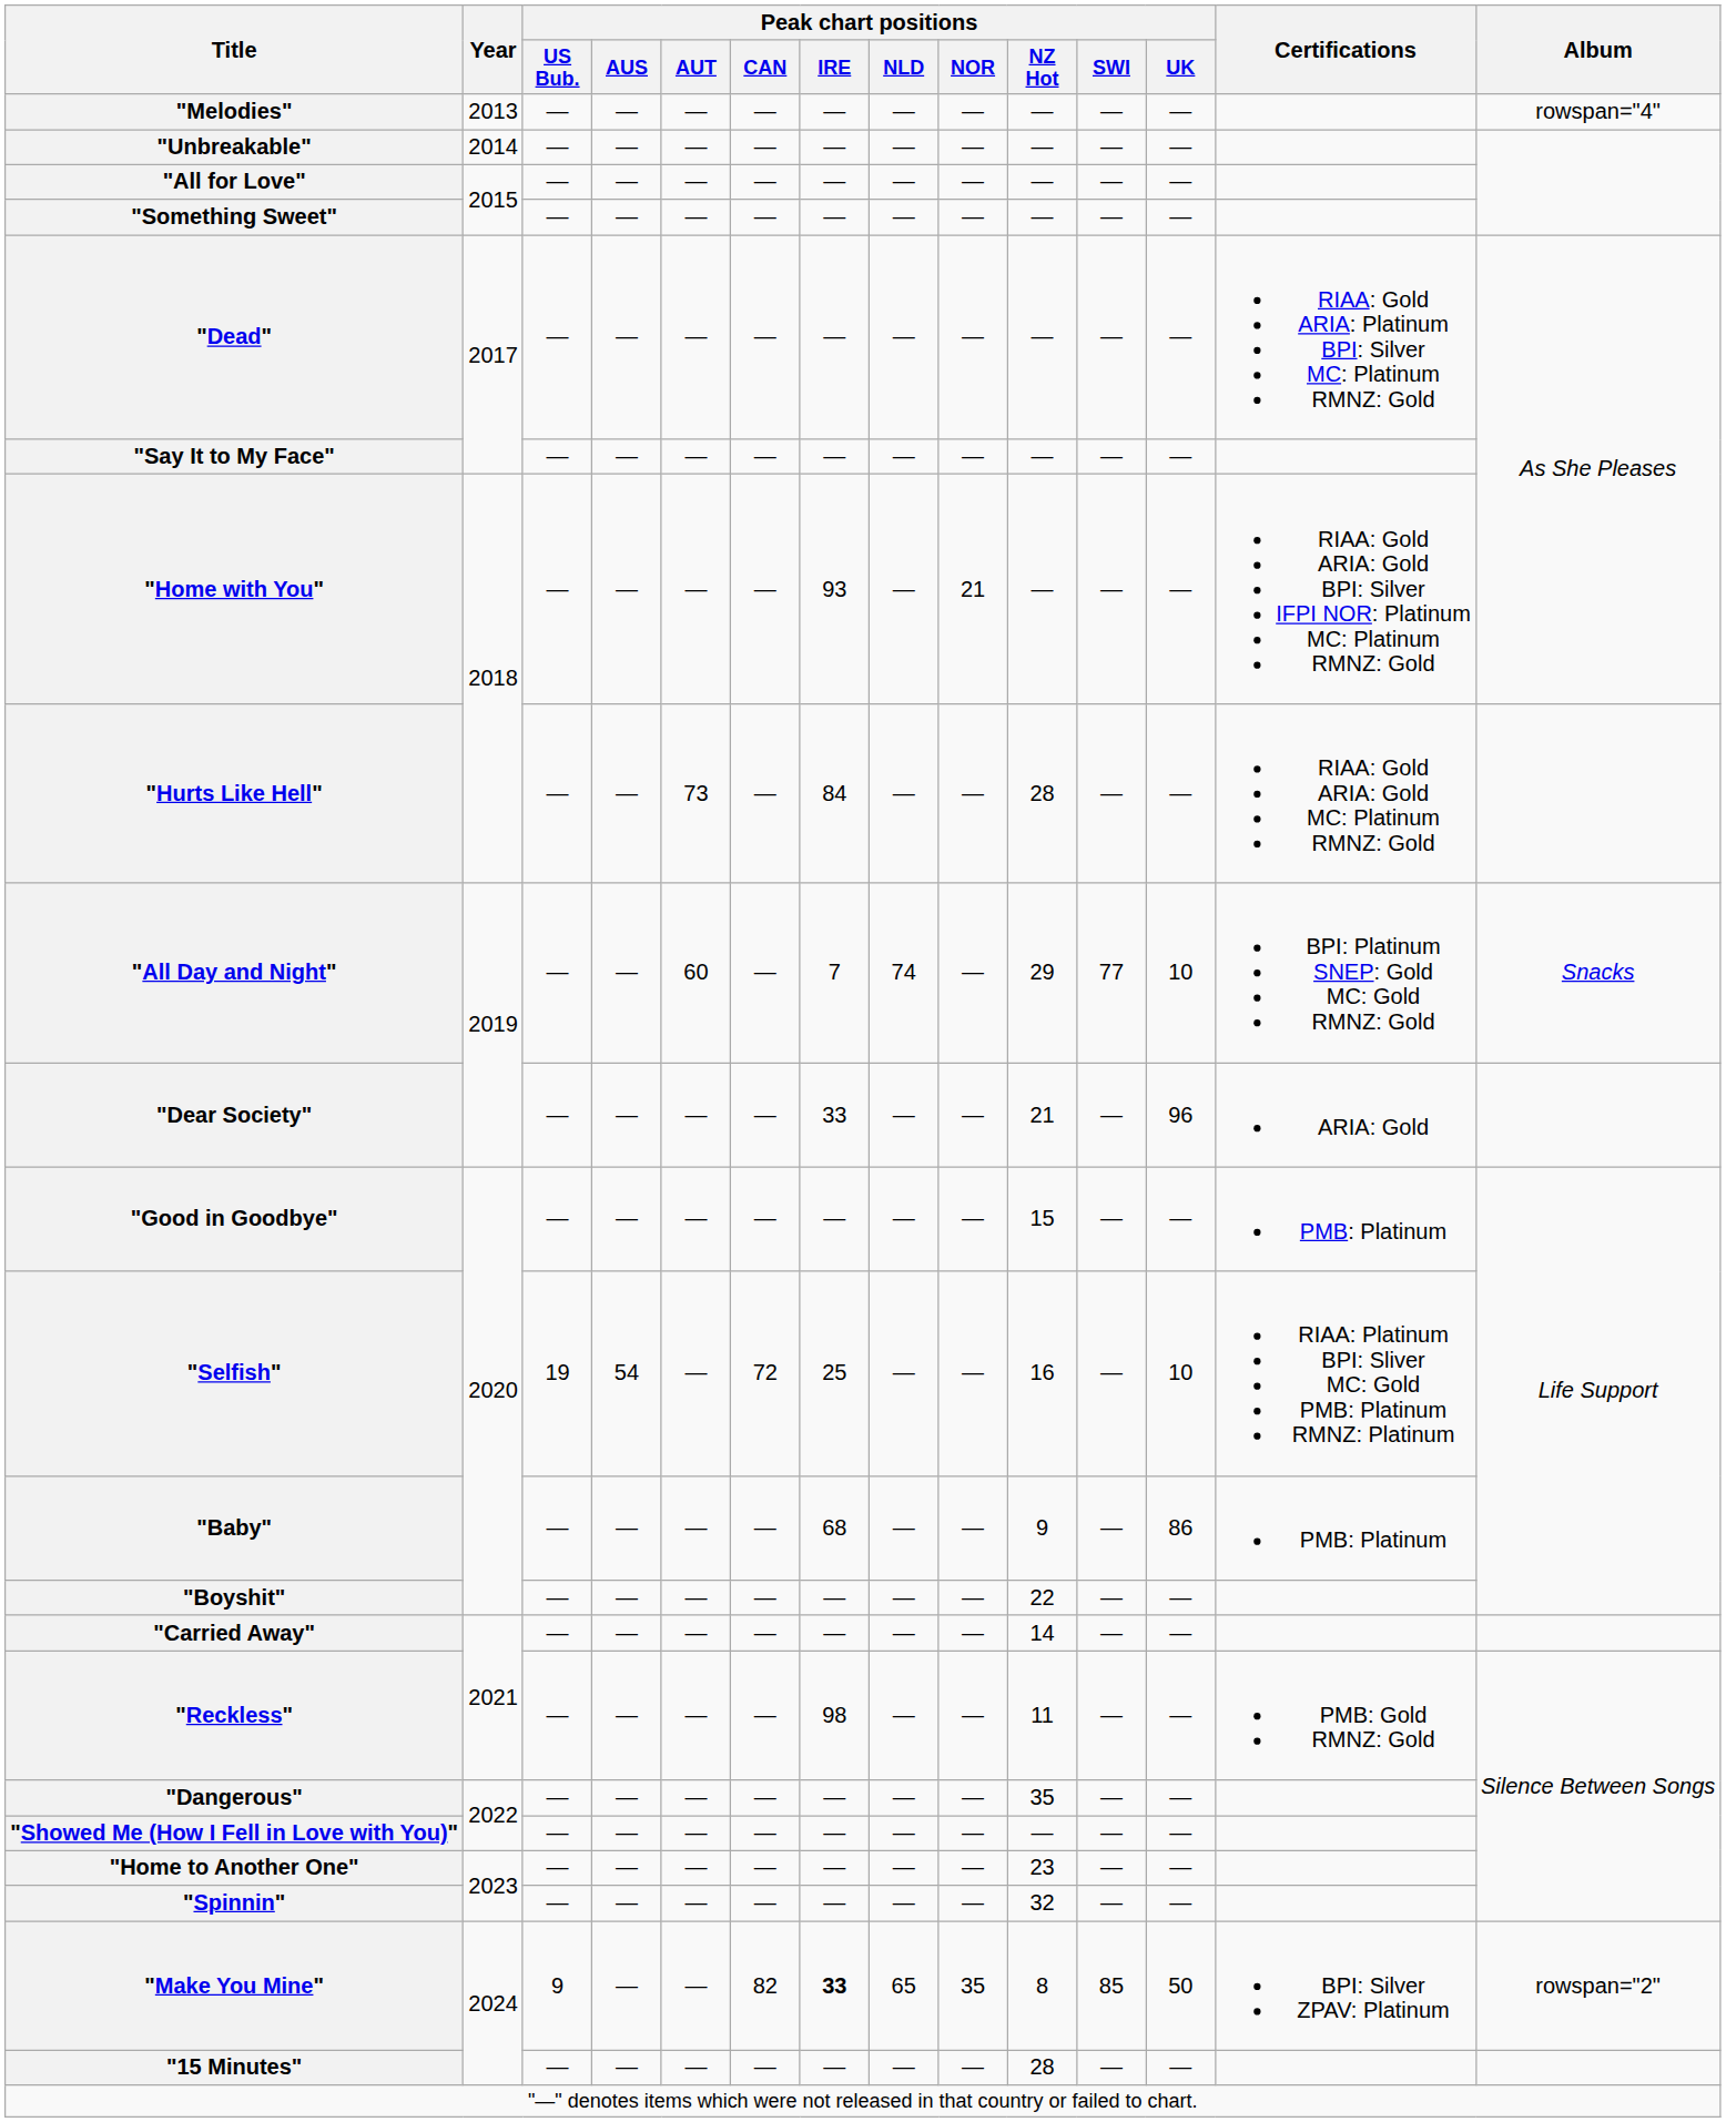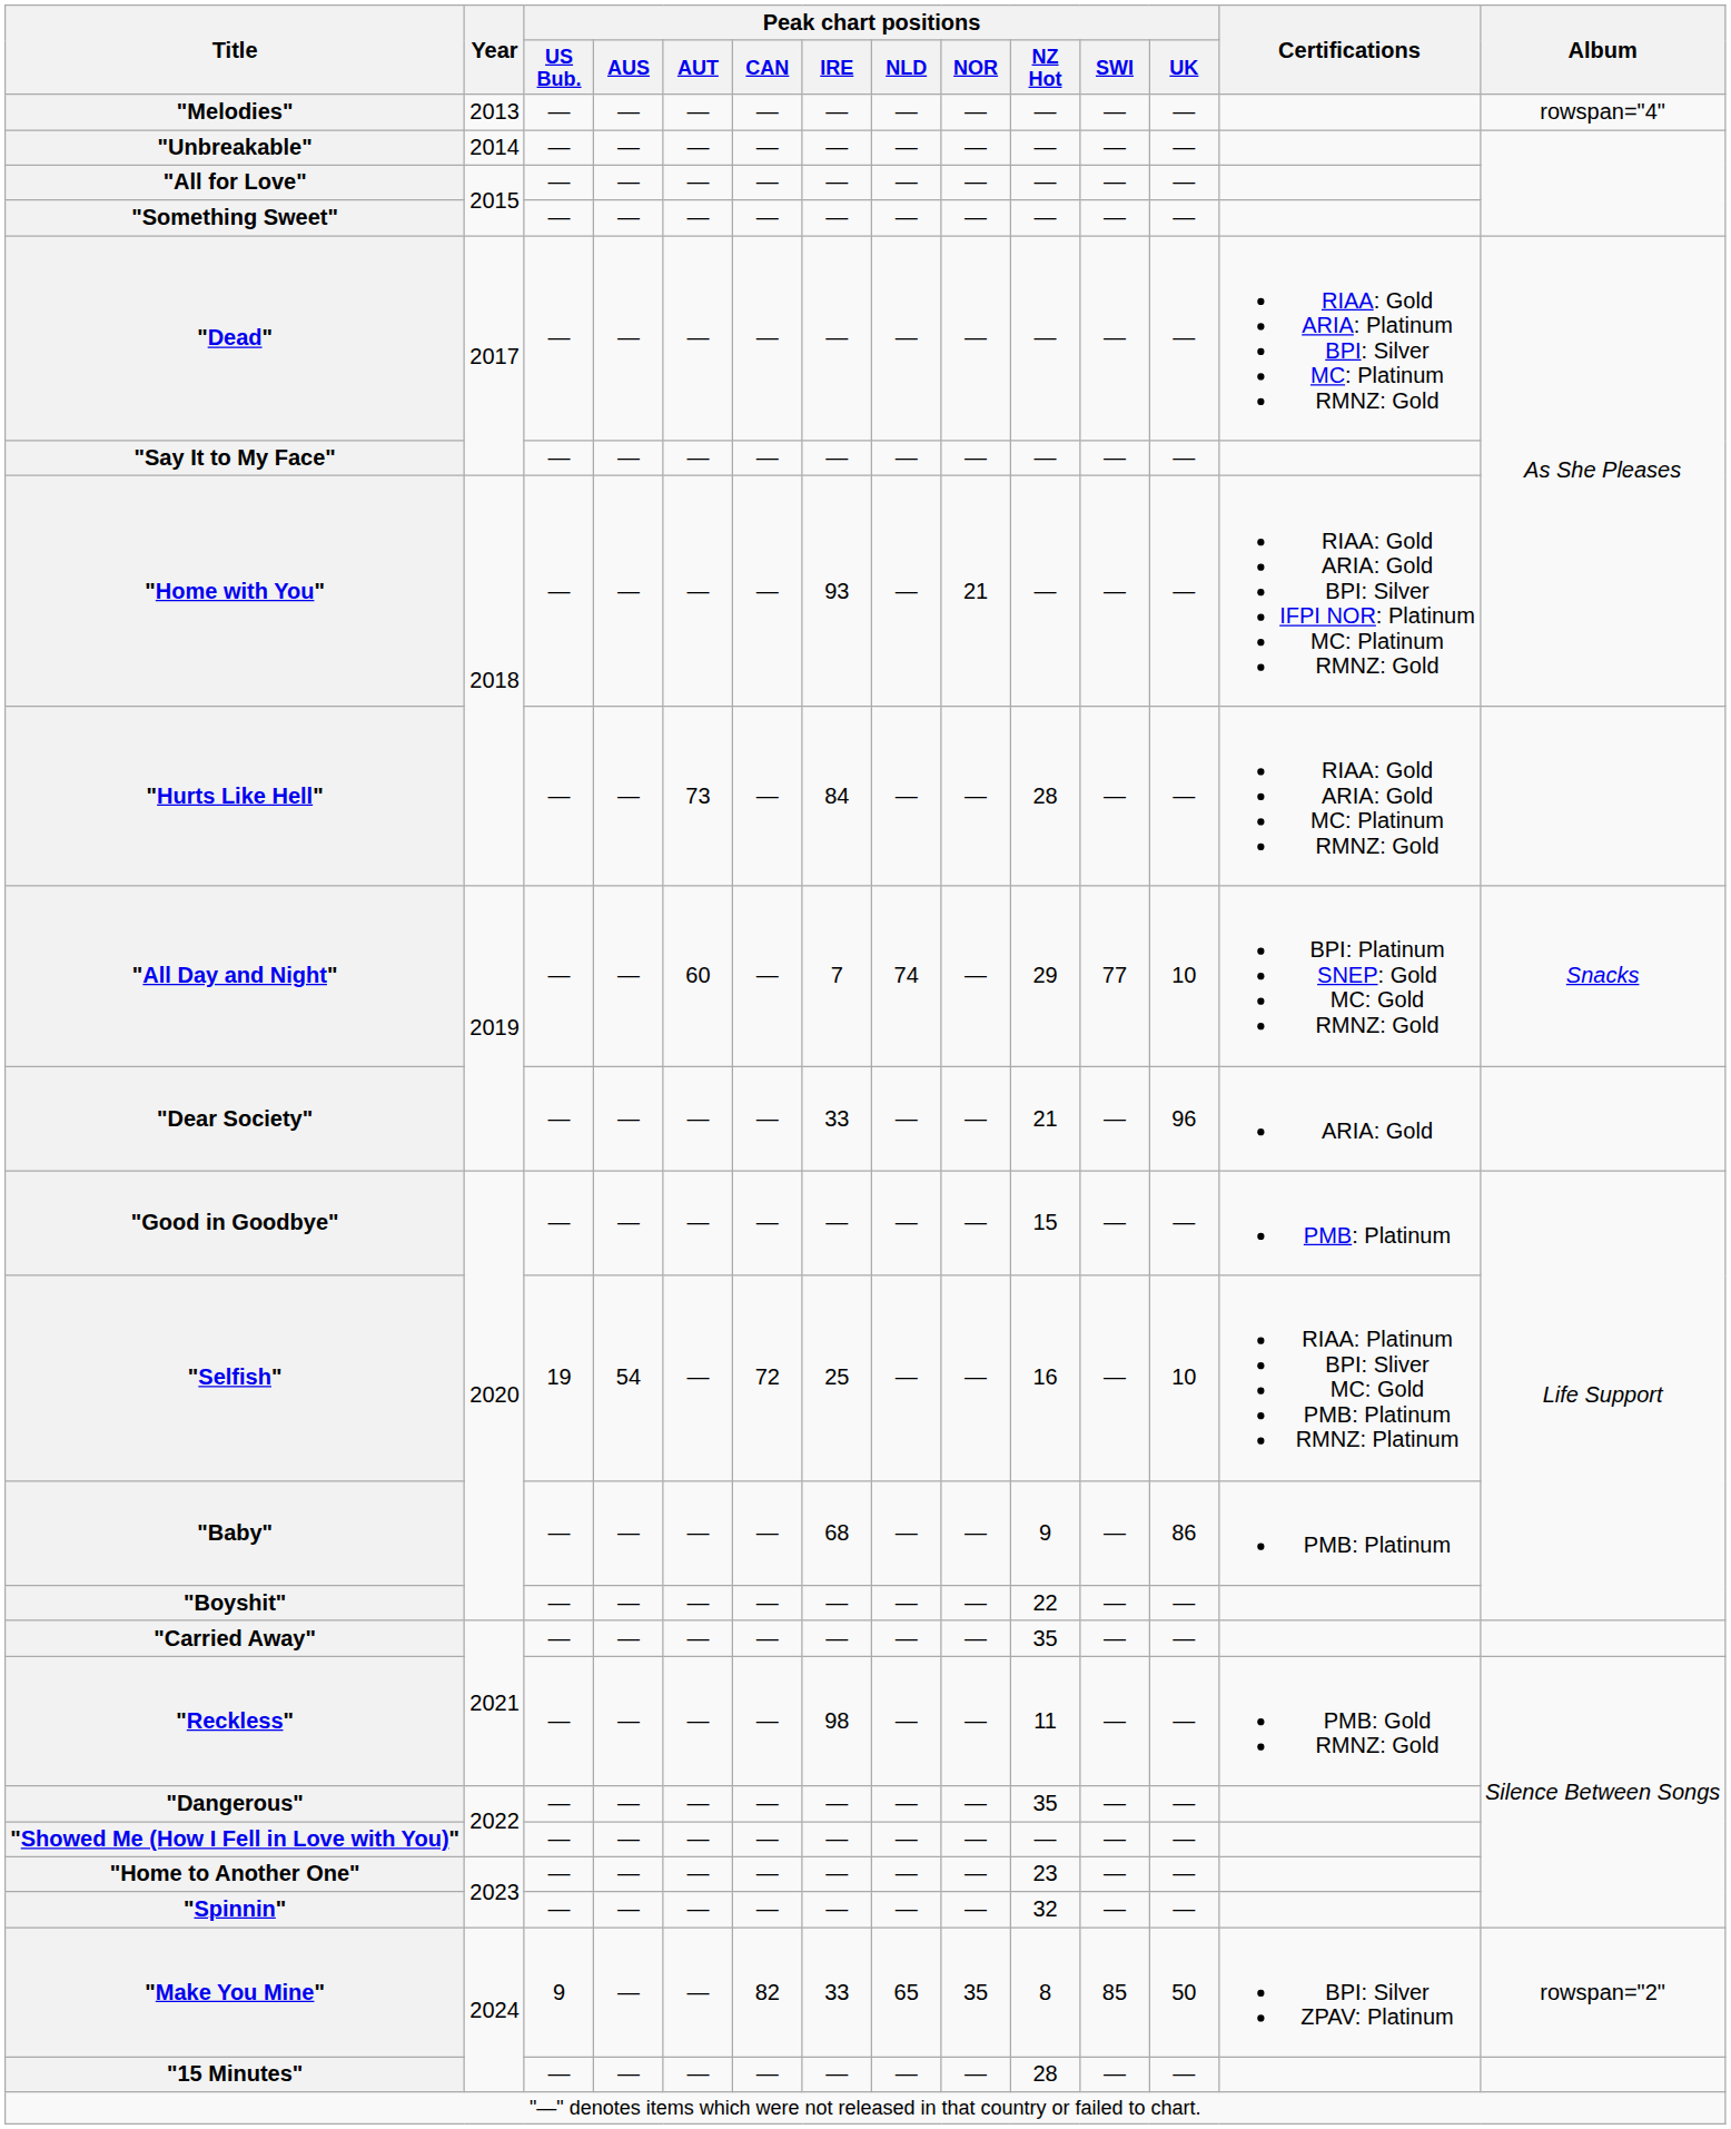 <table class="wikitable plainrowheaders" style="text-align:center;">
 <tr>
 <th scope="col" rowspan="2">Title</th>
 <th scope="col" rowspan="2">Year</th>
 <th scope="col" colspan="10">Peak chart positions</th>
 <th scope="col" rowspan="2">Certifications</th>
 <th scope="col" rowspan="2">Album</th>
 </tr>
 <tr>
 <th scope="col" style="width:3em;font-size:90%;"><a href='#'>US<br>Bub.</a><br></th>
 <th scope="col" style="width:3em;font-size:90%;"><a href='#'>AUS</a><br></th>
 <th scope="col" style="width:3em;font-size:90%;"><a href='#'>AUT</a><br></th>
 <th scope="col" style="width:3em;font-size:90%;"><a href='#'>CAN</a><br></th>
 <th scope="col" style="width:3em;font-size:90%;"><a href='#'>IRE</a><br></th>
 <th scope="col" style="width:3em;font-size:90%;"><a href='#'>NLD</a><br></th>
 <th scope="col" style="width:3em;font-size:90%;"><a href='#'>NOR</a><br></th>
 <th scope="col" style="width:3em;font-size:90%;"><a href='#'>NZ<br>Hot</a><br></th>
 <th scope="col" style="width:3em;font-size:90%;"><a href='#'>SWI</a><br></th>
 <th scope="col" style="width:3em;font-size:90%;"><a href='#'>UK</a><br></th>
 </tr>
 <tr>
 <th scope="row">"Melodies"</th>
 <td>2013</td>
 <td>—</td>
 <td>—</td>
 <td>—</td>
 <td>—</td>
 <td>—</td>
 <td>—</td>
 <td>—</td>
 <td>—</td>
 <td>—</td>
 <td>—</td>
 <td></td>
 <td>rowspan="4" </td>
 </tr>
 <tr>
 <th scope="row">"Unbreakable"</th>
 <td>2014</td>
 <td>—</td>
 <td>—</td>
 <td>—</td>
 <td>—</td>
 <td>—</td>
 <td>—</td>
 <td>—</td>
 <td>—</td>
 <td>—</td>
 <td>—</td>
 <td></td>
 </tr>
 <tr>
 <th scope="row">"All for Love"<br></th>
 <td rowspan="2">2015</td>
 <td>—</td>
 <td>—</td>
 <td>—</td>
 <td>—</td>
 <td>—</td>
 <td>—</td>
 <td>—</td>
 <td>—</td>
 <td>—</td>
 <td>—</td>
 <td></td>
 </tr>
 <tr>
 <th scope="row">"Something Sweet"</th>
 <td>—</td>
 <td>—</td>
 <td>—</td>
 <td>—</td>
 <td>—</td>
 <td>—</td>
 <td>—</td>
 <td>—</td>
 <td>—</td>
 <td>—</td>
 <td></td>
 </tr>
 <tr>
 <th scope="row">"<a href='#'>Dead</a>"</th>
 <td rowspan="2">2017</td>
 <td>—</td>
 <td>—</td>
 <td>—</td>
 <td>—</td>
 <td>—</td>
 <td>—</td>
 <td>—</td>
 <td>—</td>
 <td>—</td>
 <td>—</td>
 <td><br><ul><li><a href='#'>RIAA</a>: Gold</li><li><a href='#'>ARIA</a>: Platinum</li><li><a href='#'>BPI</a>: Silver</li><li><a href='#'>MC</a>: Platinum</li><li>RMNZ: Gold</li></ul></td>
 <td rowspan="3"><em>As She Pleases</em></td>
 </tr>
 <tr>
 <th scope="row">"Say It to My Face"</th>
 <td>—</td>
 <td>—</td>
 <td>—</td>
 <td>—</td>
 <td>—</td>
 <td>—</td>
 <td>—</td>
 <td>—</td>
 <td>—</td>
 <td>—</td>
 <td></td>
 </tr>
 <tr>
 <th scope="row">"<a href='#'>Home with You</a>"</th>
 <td rowspan=2>2018</td>
 <td>—</td>
 <td>—</td>
 <td>—</td>
 <td>—</td>
 <td>93</td>
 <td>—</td>
 <td>21</td>
 <td>—</td>
 <td>—</td>
 <td>—</td>
 <td><br><ul><li>RIAA: Gold</li><li>ARIA: Gold</li><li>BPI: Silver</li><li><a href='#'>IFPI NOR</a>: Platinum</li><li>MC: Platinum</li><li>RMNZ: Gold</li></ul></td>
 </tr>
 <tr>
 <th scope="row">"<a href='#'>Hurts Like Hell</a>"<br></th>
 <td>—</td>
 <td>—</td>
 <td>73</td>
 <td>—</td>
 <td>84</td>
 <td>—</td>
 <td>—</td>
 <td>28</td>
 <td>—</td>
 <td>—</td>
 <td><br><ul><li>RIAA: Gold</li><li>ARIA: Gold</li><li>MC: Platinum</li><li>RMNZ: Gold</li></ul></td>
 <td></td>
 </tr>
 <tr>
 <th scope="row">"<a href='#'>All Day and Night</a>"<br></th>
 <td rowspan=2>2019</td>
 <td>—</td>
 <td>—</td>
 <td>60</td>
 <td>—</td>
 <td>7</td>
 <td>74</td>
 <td>—</td>
 <td>29</td>
 <td>77</td>
 <td>10</td>
 <td><br><ul><li>BPI: Platinum</li><li><a href='#'>SNEP</a>: Gold</li><li>MC: Gold</li><li>RMNZ: Gold</li></ul></td>
 <td><em><a href='#'>Snacks</a></em></td>
 </tr>
 <tr>
 <th scope="row">"Dear Society"</th>
 <td>—</td>
 <td>—</td>
 <td>—</td>
 <td>—</td>
 <td>33<br></td>
 <td>—</td>
 <td>—</td>
 <td>21</td>
 <td>—</td>
 <td>96</td>
 <td><br><ul><li>ARIA: Gold</li></ul></td>
 <td></td>
 </tr>
 <tr>
 <th scope="row">"Good in Goodbye"</th>
 <td rowspan="4">2020</td>
 <td>—</td>
 <td>—</td>
 <td>—</td>
 <td>—</td>
 <td>—</td>
 <td>—</td>
 <td>—</td>
 <td>15</td>
 <td>—</td>
 <td>—</td>
 <td><br><ul><li><a href='#'>PMB</a>: Platinum</li></ul></td>
 <td rowspan="4"><em>Life Support</em></td>
 </tr>
 <tr>
 <th scope="row">"<a href='#'>Selfish</a>"</th>
 <td>19</td>
 <td>54</td>
 <td>—</td>
 <td>72</td>
 <td>25</td>
 <td>—</td>
 <td>—</td>
 <td>16</td>
 <td>—</td>
 <td>10</td>
 <td><br><ul><li>RIAA: Platinum</li><li>BPI: Sliver</li><li>MC: Gold</li><li>PMB: Platinum</li><li>RMNZ: Platinum</li></ul></td>
 </tr>
 <tr>
 <th scope="row">"Baby"</th>
 <td>—</td>
 <td>—</td>
 <td>—</td>
 <td>—</td>
 <td>68</td>
 <td>—</td>
 <td>—</td>
 <td>9</td>
 <td>—</td>
 <td>86</td>
 <td><br><ul><li>PMB: Platinum</li></ul></td>
 </tr>
 <tr>
 <th scope="row">"Boyshit"</th>
 <td>—</td>
 <td>—</td>
 <td>—</td>
 <td>—</td>
 <td>—</td>
 <td>—</td>
 <td>—</td>
 <td>22</td>
 <td>—</td>
 <td>—</td>
 <td></td>
 </tr>
 <tr>
 <th scope="row">"Carried Away"<br></th>
 <td rowspan="2">2021</td>
 <td>—</td>
 <td>—</td>
 <td>—</td>
 <td>—</td>
 <td>—</td>
 <td>—</td>
 <td>—</td>
-<td>14</td>
+<td>35</td>
 <td>—</td>
 <td>—</td>
 <td></td>
 <td></td>
 </tr>
 <tr>
 <th scope="row">"<a href='#'>Reckless</a>"</th>
 <td>—</td>
 <td>—</td>
 <td>—</td>
 <td>—</td>
 <td>98</td>
 <td>—</td>
 <td>—</td>
 <td>11</td>
 <td>—</td>
 <td>—</td>
 <td><br><ul><li>PMB: Gold</li><li>RMNZ: Gold</li></ul></td>
 <td rowspan="5"><em>Silence Between Songs</em></td>
 </tr>
 <tr>
 <th scope="row">"Dangerous"</th>
 <td rowspan="2">2022</td>
 <td>—</td>
 <td>—</td>
 <td>—</td>
 <td>—</td>
 <td>—</td>
 <td>—</td>
 <td>—</td>
 <td>35</td>
 <td>—</td>
 <td>—</td>
 <td></td>
 </tr>
 <tr>
 <th scope="row">"<a href='#'>Showed Me (How I Fell in Love with You)</a>"</th>
 <td>—</td>
 <td>—</td>
 <td>—</td>
 <td>—</td>
 <td>—</td>
 <td>—</td>
 <td>—</td>
 <td>—</td>
 <td>—</td>
 <td>—</td>
 <td></td>
 </tr>
 <tr>
 <th scope="row">"Home to Another One"</th>
 <td rowspan="2">2023</td>
 <td>—</td>
 <td>—</td>
 <td>—</td>
 <td>—</td>
 <td>—</td>
 <td>—</td>
 <td>—</td>
 <td>23</td>
 <td>—</td>
 <td>—</td>
 <td></td>
 </tr>
 <tr>
 <th scope="row">"<a href='#'>Spinnin</a>"</th>
 <td>—</td>
 <td>—</td>
 <td>—</td>
 <td>—</td>
 <td>—</td>
 <td>—</td>
 <td>—</td>
 <td>32</td>
 <td>—</td>
 <td>—</td>
 <td></td>
 </tr>
 <tr>
 <th scope="row">"<a href='#'>Make You Mine</a>"</th>
 <td rowspan="2">2024</td>
 <td>9</td>
 <td>—</td>
 <td>—</td>
 <td>82</td>
-<td><strong>33<br></strong></td>
+<td>33<br></td>
 <td>65</td>
 <td>35<br></td>
 <td>8</td>
 <td>85</td>
 <td>50</td>
 <td><br><ul><li>BPI: Silver</li><li>ZPAV: Platinum</li></ul></td>
 <td>rowspan="2" </td>
 </tr>
 <tr>
 <th scope="row">"15 Minutes"</th>
 <td>—</td>
 <td>—</td>
 <td>—</td>
 <td>—</td>
 <td>—</td>
 <td>—</td>
 <td>—</td>
 <td>28</td>
 <td>—</td>
 <td>—</td>
 <td></td>
 </tr>
 <tr>
 <td colspan="15" style="font-size:90%;">"—" denotes items which were not released in that country or failed to chart.</td>
 </tr>
 </table>
